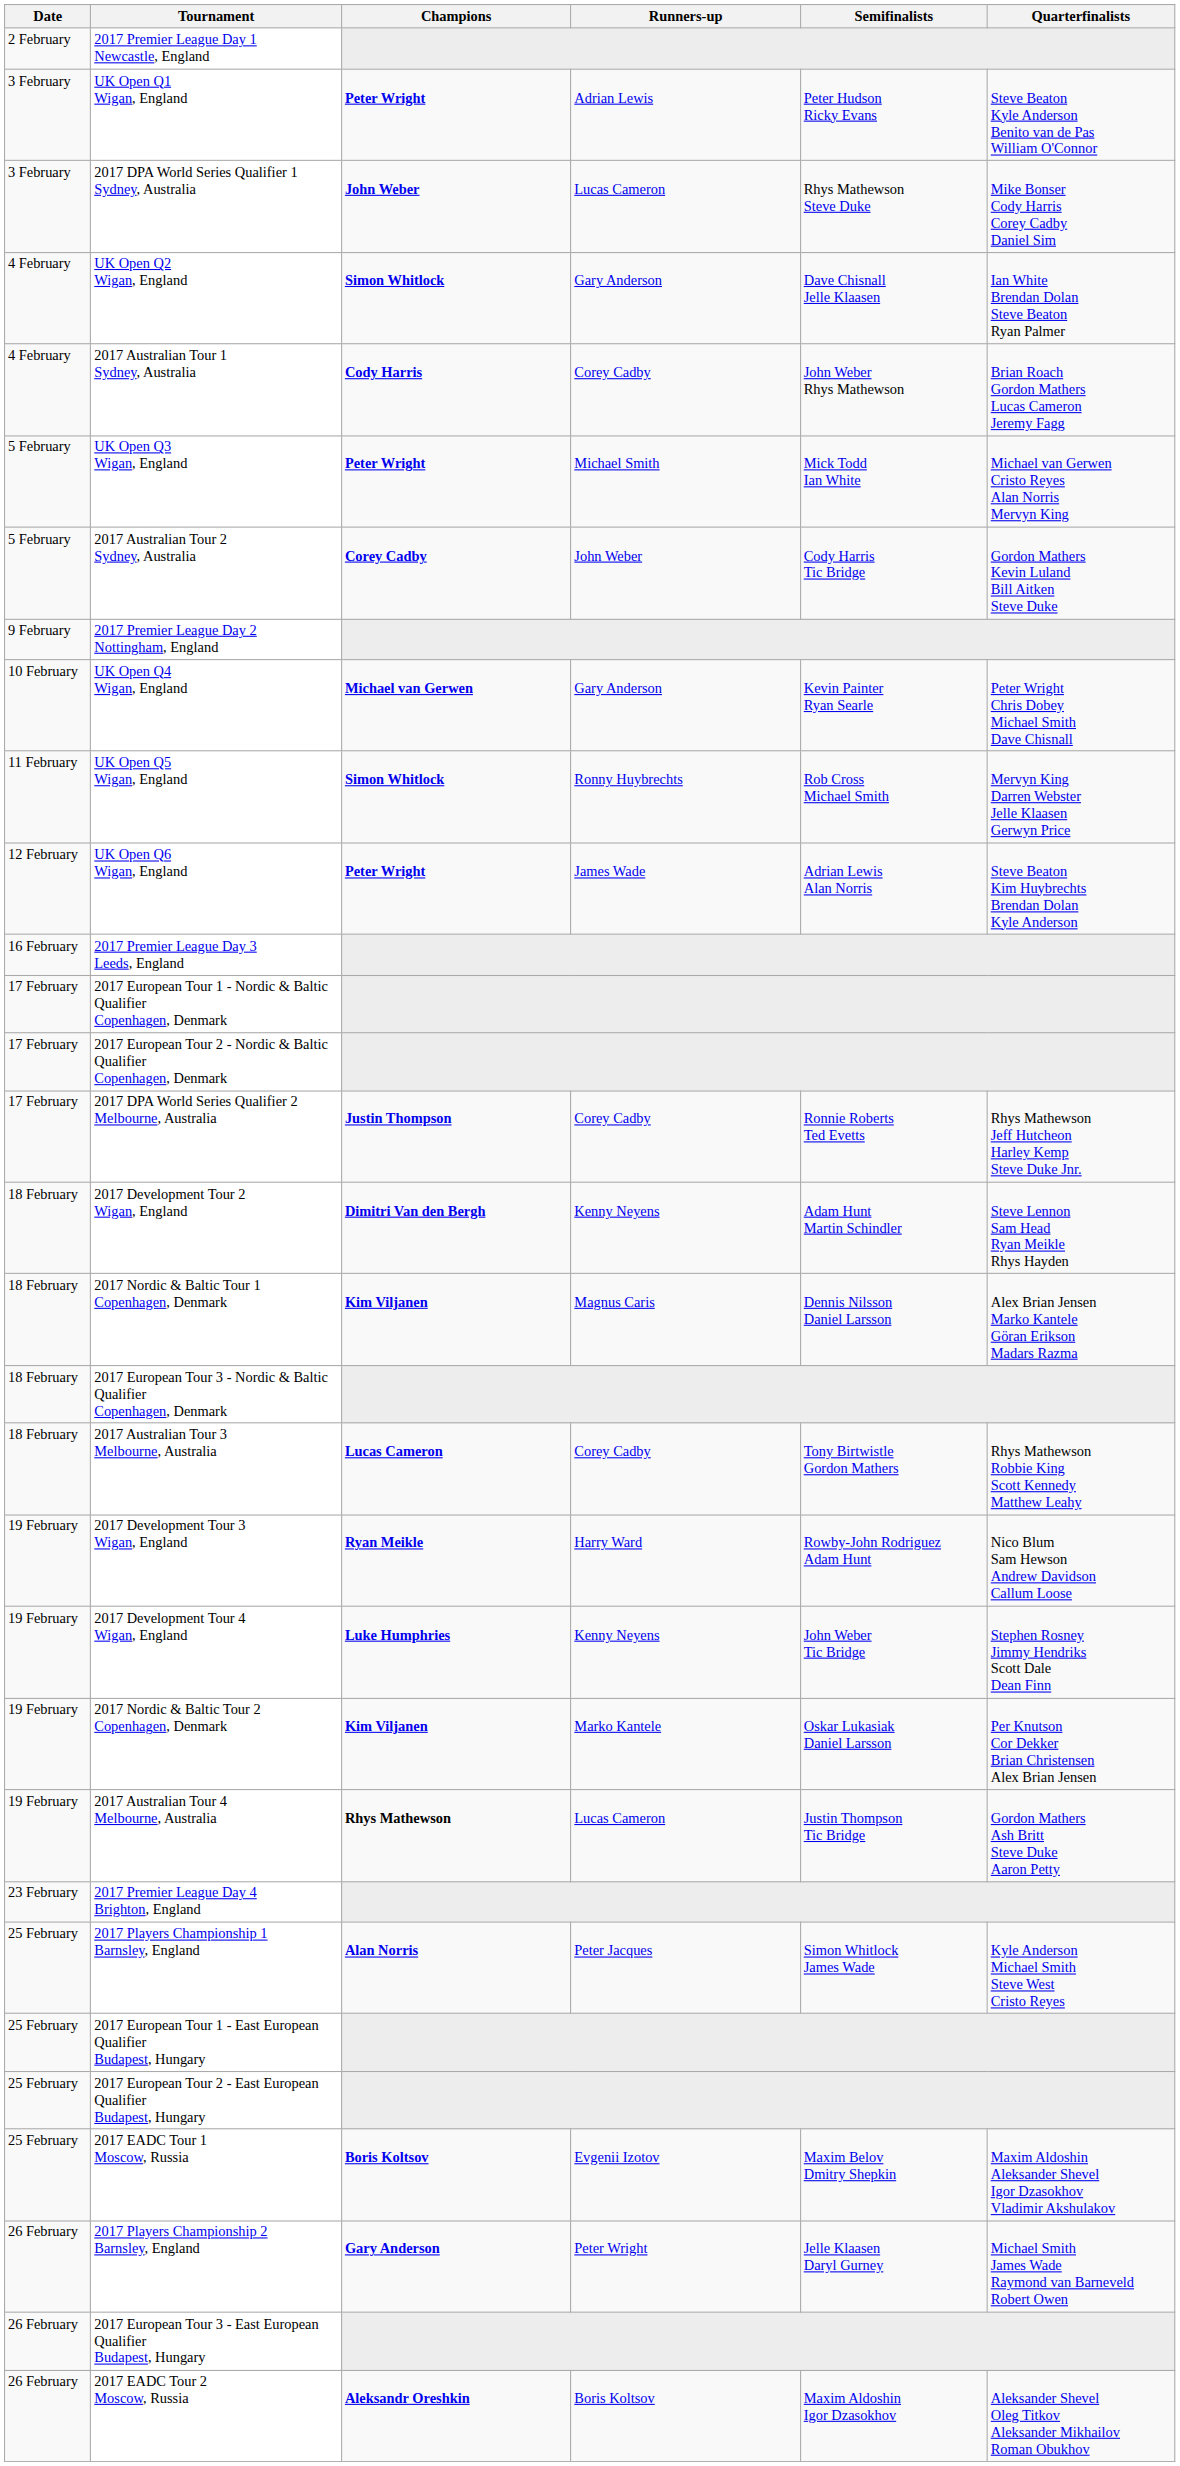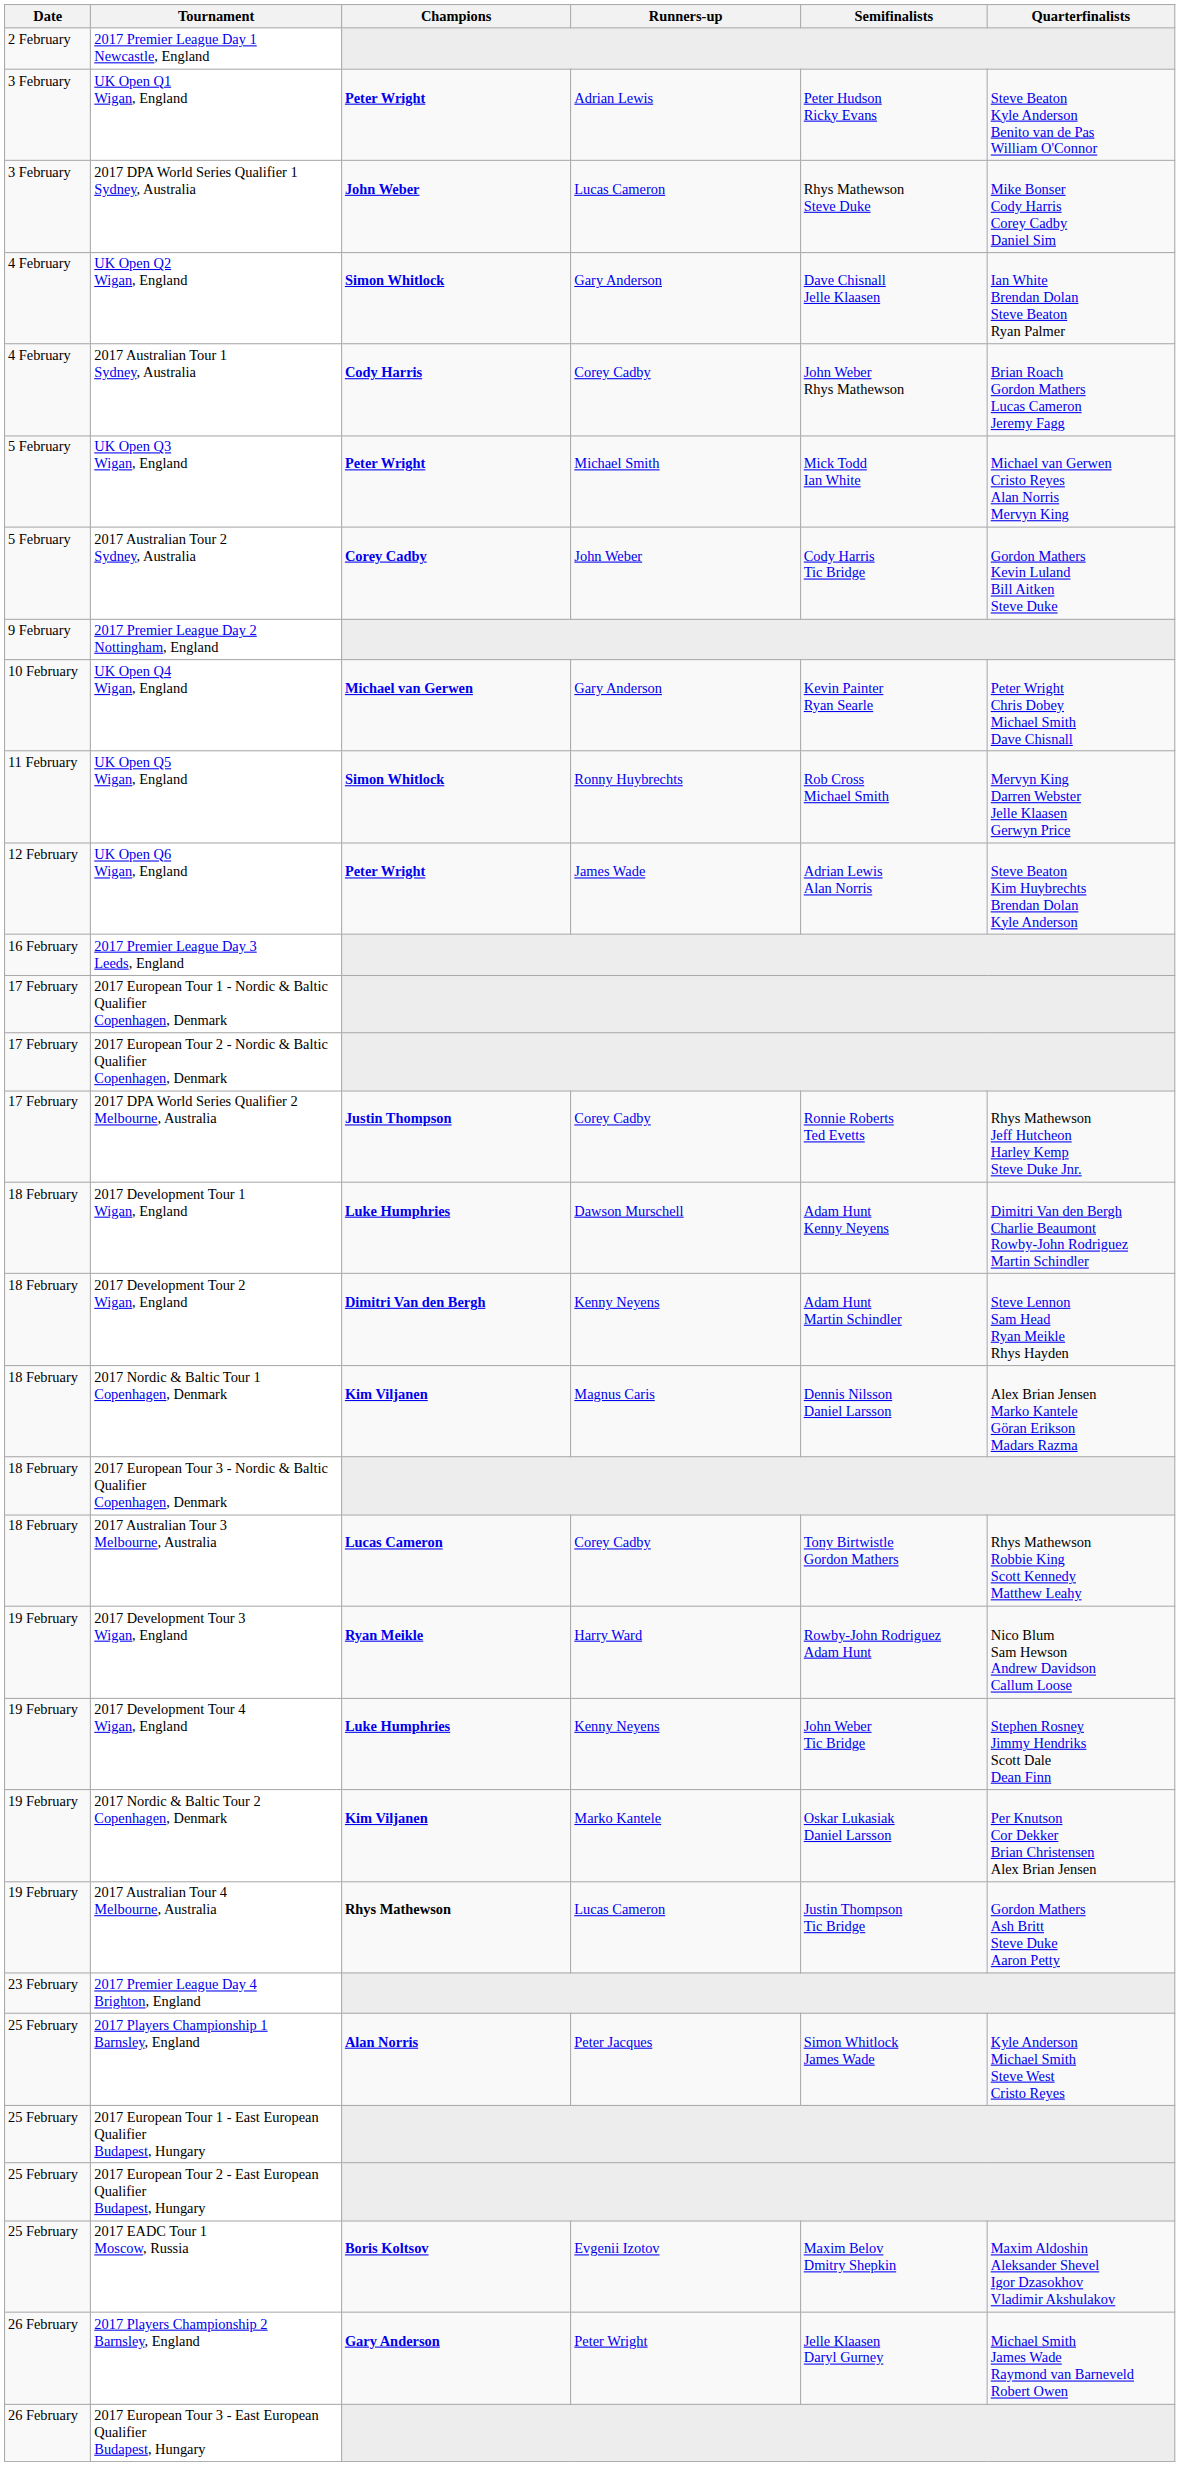 <table class=wikitable style=font-size:85%>
 <tr>
 <th width=75>Date</th>
 <th width=230>Tournament</th>
 <th width=210>Champions</th>
 <th width=210>Runners-up</th>
 <th width=170>Semifinalists</th>
 <th width=170>Quarterfinalists</th>
 </tr>
 <tr valign="top">
 <td>2 February</td>
 <td bgcolor="#ffffff"><a href='#'>2017 Premier League Day 1</a> <br> <a href='#'>Newcastle</a>, England</td>
 <td colspan=4 bgcolor="#ededed"></td>
 </tr>
 <tr valign="top">
 <td>3 February</td>
 <td bgcolor="#ffffff"><a href='#'>UK Open Q1</a><br><a href='#'>Wigan</a>, England</td>
 <td><br> <strong><a href='#'>Peter Wright</a></strong></td>
 <td><br> <a href='#'>Adrian Lewis</a></td>
 <td><br> <a href='#'>Peter Hudson</a> <br>  <a href='#'>Ricky Evans</a></td>
 <td><br> <a href='#'>Steve Beaton</a> <br>  <a href='#'>Kyle Anderson</a> <br>  <a href='#'>Benito van de Pas</a> <br>  <a href='#'>William O'Connor</a></td>
 </tr>
 <tr valign="top">
 <td>3 February</td>
 <td bgcolor="#ffffff">2017 DPA World Series Qualifier 1<br><a href='#'>Sydney</a>, Australia</td>
 <td><br> <strong><a href='#'>John Weber</a></strong></td>
 <td><br> <a href='#'>Lucas Cameron</a></td>
 <td><br> Rhys Mathewson <br>  <a href='#'>Steve Duke</a></td>
 <td><br> <a href='#'>Mike Bonser</a> <br>  <a href='#'>Cody Harris</a> <br>  <a href='#'>Corey Cadby</a> <br>  <a href='#'>Daniel Sim</a></td>
 </tr>
 <tr valign="top">
 <td>4 February</td>
 <td bgcolor="#ffffff"><a href='#'>UK Open Q2</a><br><a href='#'>Wigan</a>, England</td>
 <td><br> <strong><a href='#'>Simon Whitlock</a></strong></td>
 <td><br> <a href='#'>Gary Anderson</a></td>
 <td><br> <a href='#'>Dave Chisnall</a> <br>  <a href='#'>Jelle Klaasen</a></td>
 <td><br> <a href='#'>Ian White</a> <br>  <a href='#'>Brendan Dolan</a> <br>  <a href='#'>Steve Beaton</a> <br>  Ryan Palmer</td>
 </tr>
 <tr valign="top">
 <td>4 February</td>
 <td bgcolor="#ffffff">2017 Australian Tour 1<br><a href='#'>Sydney</a>, Australia</td>
 <td><br> <strong><a href='#'>Cody Harris</a></strong></td>
 <td><br> <a href='#'>Corey Cadby</a></td>
 <td><br> <a href='#'>John Weber</a> <br>  Rhys Mathewson</td>
 <td><br> <a href='#'>Brian Roach</a> <br>  <a href='#'>Gordon Mathers</a> <br>  <a href='#'>Lucas Cameron</a> <br>  <a href='#'>Jeremy Fagg</a></td>
 </tr>
 <tr valign="top">
 <td>5 February</td>
 <td bgcolor="#ffffff"><a href='#'>UK Open Q3</a><br><a href='#'>Wigan</a>, England</td>
 <td><br> <strong><a href='#'>Peter Wright</a></strong></td>
 <td><br> <a href='#'>Michael Smith</a></td>
 <td><br> <a href='#'>Mick Todd</a> <br>  <a href='#'>Ian White</a></td>
 <td><br> <a href='#'>Michael van Gerwen</a> <br>  <a href='#'>Cristo Reyes</a> <br>  <a href='#'>Alan Norris</a> <br>  <a href='#'>Mervyn King</a></td>
 </tr>
 <tr valign="top">
 <td>5 February</td>
 <td bgcolor="#ffffff">2017 Australian Tour 2<br><a href='#'>Sydney</a>, Australia</td>
 <td><br> <strong><a href='#'>Corey Cadby</a></strong></td>
 <td><br> <a href='#'>John Weber</a></td>
 <td><br> <a href='#'>Cody Harris</a> <br>  <a href='#'>Tic Bridge</a></td>
 <td><br> <a href='#'>Gordon Mathers</a> <br>  <a href='#'>Kevin Luland</a> <br>  <a href='#'>Bill Aitken</a> <br>  <a href='#'>Steve Duke</a></td>
 </tr>
 <tr valign="top">
 <td>9 February</td>
 <td bgcolor="#ffffff"><a href='#'>2017 Premier League Day 2</a> <br> <a href='#'>Nottingham</a>, England</td>
 <td colspan=4 bgcolor="#ededed"></td>
 </tr>
 <tr valign="top">
 <td>10 February</td>
 <td bgcolor="#ffffff"><a href='#'>UK Open Q4</a><br><a href='#'>Wigan</a>, England</td>
 <td><br> <strong><a href='#'>Michael van Gerwen</a></strong></td>
 <td><br> <a href='#'>Gary Anderson</a></td>
 <td><br> <a href='#'>Kevin Painter</a> <br>  <a href='#'>Ryan Searle</a></td>
 <td><br> <a href='#'>Peter Wright</a> <br>  <a href='#'>Chris Dobey</a> <br>  <a href='#'>Michael Smith</a> <br>  <a href='#'>Dave Chisnall</a></td>
 </tr>
 <tr valign="top">
 <td>11 February</td>
 <td bgcolor="#ffffff"><a href='#'>UK Open Q5</a><br><a href='#'>Wigan</a>, England</td>
 <td><br> <strong><a href='#'>Simon Whitlock</a></strong></td>
 <td><br> <a href='#'>Ronny Huybrechts</a></td>
 <td><br> <a href='#'>Rob Cross</a> <br>  <a href='#'>Michael Smith</a></td>
 <td><br> <a href='#'>Mervyn King</a> <br>  <a href='#'>Darren Webster</a> <br>  <a href='#'>Jelle Klaasen</a> <br>  <a href='#'>Gerwyn Price</a></td>
 </tr>
 <tr valign="top">
 <td>12 February</td>
 <td bgcolor="#ffffff"><a href='#'>UK Open Q6</a><br><a href='#'>Wigan</a>, England</td>
 <td><br> <strong><a href='#'>Peter Wright</a></strong></td>
 <td><br> <a href='#'>James Wade</a></td>
 <td><br> <a href='#'>Adrian Lewis</a> <br>  <a href='#'>Alan Norris</a></td>
 <td><br> <a href='#'>Steve Beaton</a> <br>  <a href='#'>Kim Huybrechts</a> <br>  <a href='#'>Brendan Dolan</a> <br>  <a href='#'>Kyle Anderson</a></td>
 </tr>
 <tr valign="top">
 <td>16 February</td>
 <td bgcolor="#ffffff"><a href='#'>2017 Premier League Day 3</a> <br> <a href='#'>Leeds</a>, England</td>
 <td colspan=4 bgcolor="#ededed"></td>
 </tr>
 <tr valign="top">
 <td>17 February</td>
 <td bgcolor="#ffffff">2017 European Tour 1 - Nordic & Baltic Qualifier <br> <a href='#'>Copenhagen</a>, Denmark</td>
 <td colspan=4 bgcolor="#ededed"></td>
 </tr>
 <tr valign="top">
 <td>17 February</td>
 <td bgcolor="#ffffff">2017 European Tour 2 - Nordic & Baltic Qualifier <br> <a href='#'>Copenhagen</a>, Denmark</td>
 <td colspan=4 bgcolor="#ededed"></td>
 </tr>
 <tr valign="top">
 <td>17 February</td>
 <td bgcolor="#ffffff">2017 DPA World Series Qualifier 2<br><a href='#'>Melbourne</a>, Australia</td>
 <td><br> <strong><a href='#'>Justin Thompson</a></strong></td>
 <td><br> <a href='#'>Corey Cadby</a></td>
 <td><br> <a href='#'>Ronnie Roberts</a> <br>  <a href='#'>Ted Evetts</a></td>
 <td><br> Rhys Mathewson <br>  <a href='#'>Jeff Hutcheon</a> <br>  <a href='#'>Harley Kemp</a> <br>  <a href='#'>Steve Duke Jnr.</a></td>
 </tr>
 <tr valign="top">
 <td>18 February</td>
+<td bgcolor="#ffffff">2017 Development Tour 1<br><a href='#'>Wigan</a>, England</td>
+<td><br> <strong><a href='#'>Luke Humphries</a></strong></td>
+<td><br> <a href='#'>Dawson Murschell</a></td>
+<td><br> <a href='#'>Adam Hunt</a> <br>  <a href='#'>Kenny Neyens</a></td>
+<td><br> <a href='#'>Dimitri Van den Bergh</a> <br>  <a href='#'>Charlie Beaumont</a> <br>  <a href='#'>Rowby-John Rodriguez</a> <br>  <a href='#'>Martin Schindler</a></td>
+</tr>
+<tr valign="top">
+<td>18 February</td>
 <td bgcolor="#ffffff">2017 Development Tour 2<br><a href='#'>Wigan</a>, England</td>
 <td><br> <strong><a href='#'>Dimitri Van den Bergh</a></strong></td>
 <td><br> <a href='#'>Kenny Neyens</a></td>
 <td><br> <a href='#'>Adam Hunt</a> <br>  <a href='#'>Martin Schindler</a></td>
 <td><br> <a href='#'>Steve Lennon</a> <br>  <a href='#'>Sam Head</a> <br>  <a href='#'>Ryan Meikle</a> <br>  Rhys Hayden</td>
 </tr>
 <tr valign="top">
 <td>18 February</td>
 <td bgcolor="#ffffff">2017 Nordic & Baltic Tour 1<br><a href='#'>Copenhagen</a>, Denmark</td>
 <td><br> <strong><a href='#'>Kim Viljanen</a></strong></td>
 <td><br> <a href='#'>Magnus Caris</a></td>
 <td><br> <a href='#'>Dennis Nilsson</a> <br>  <a href='#'>Daniel Larsson</a></td>
 <td><br> Alex Brian Jensen <br>  <a href='#'>Marko Kantele</a> <br>  <a href='#'>Göran Erikson</a> <br>  <a href='#'>Madars Razma</a></td>
 </tr>
 <tr valign="top">
 <td>18 February</td>
 <td bgcolor="#ffffff">2017 European Tour 3 - Nordic & Baltic Qualifier <br> <a href='#'>Copenhagen</a>, Denmark</td>
 <td colspan=4 bgcolor="#ededed"></td>
 </tr>
 <tr valign="top">
 <td>18 February</td>
 <td bgcolor="#ffffff">2017 Australian Tour 3<br><a href='#'>Melbourne</a>, Australia</td>
 <td><br> <strong><a href='#'>Lucas Cameron</a></strong></td>
 <td><br> <a href='#'>Corey Cadby</a></td>
 <td><br> <a href='#'>Tony Birtwistle</a> <br>  <a href='#'>Gordon Mathers</a></td>
 <td><br> Rhys Mathewson <br>  <a href='#'>Robbie King</a> <br>  <a href='#'>Scott Kennedy</a> <br>  <a href='#'>Matthew Leahy</a></td>
 </tr>
 <tr valign="top">
 <td>19 February</td>
 <td bgcolor="#ffffff">2017 Development Tour 3<br><a href='#'>Wigan</a>, England</td>
 <td><br> <strong><a href='#'>Ryan Meikle</a></strong></td>
 <td><br> <a href='#'>Harry Ward</a></td>
 <td><br> <a href='#'>Rowby-John Rodriguez</a> <br>  <a href='#'>Adam Hunt</a></td>
 <td><br> Nico Blum <br>  Sam Hewson <br>  <a href='#'>Andrew Davidson</a> <br>  <a href='#'>Callum Loose</a></td>
 </tr>
 <tr valign="top">
 <td>19 February</td>
 <td bgcolor="#ffffff">2017 Development Tour 4<br><a href='#'>Wigan</a>, England</td>
 <td><br> <strong><a href='#'>Luke Humphries</a></strong></td>
 <td><br> <a href='#'>Kenny Neyens</a></td>
 <td><br> <a href='#'>John Weber</a> <br>  <a href='#'>Tic Bridge</a></td>
 <td><br> <a href='#'>Stephen Rosney</a> <br>  <a href='#'>Jimmy Hendriks</a> <br>  Scott Dale <br>  <a href='#'>Dean Finn</a></td>
 </tr>
 <tr valign="top">
 <td>19 February</td>
 <td bgcolor="#ffffff">2017 Nordic & Baltic Tour 2<br><a href='#'>Copenhagen</a>, Denmark</td>
 <td><br> <strong><a href='#'>Kim Viljanen</a></strong></td>
 <td><br> <a href='#'>Marko Kantele</a></td>
 <td><br> <a href='#'>Oskar Lukasiak</a> <br>  <a href='#'>Daniel Larsson</a></td>
 <td><br> <a href='#'>Per Knutson</a> <br>  <a href='#'>Cor Dekker</a> <br>  <a href='#'>Brian Christensen</a> <br>  Alex Brian Jensen</td>
 </tr>
 <tr valign="top">
 <td>19 February</td>
 <td bgcolor="#ffffff">2017 Australian Tour 4<br><a href='#'>Melbourne</a>, Australia</td>
 <td><br> <strong>Rhys Mathewson</strong></td>
 <td><br> <a href='#'>Lucas Cameron</a></td>
 <td><br> <a href='#'>Justin Thompson</a> <br>  <a href='#'>Tic Bridge</a></td>
 <td><br> <a href='#'>Gordon Mathers</a> <br>  <a href='#'>Ash Britt</a> <br>  <a href='#'>Steve Duke</a> <br>  <a href='#'>Aaron Petty</a></td>
 </tr>
 <tr valign="top">
 <td>23 February</td>
 <td bgcolor="#ffffff"><a href='#'>2017 Premier League Day 4</a> <br> <a href='#'>Brighton</a>, England</td>
 <td colspan=4 bgcolor="#ededed"></td>
 </tr>
 <tr valign="top">
 <td>25 February</td>
 <td bgcolor="#ffffff"><a href='#'>2017 Players Championship 1</a><br><a href='#'>Barnsley</a>, England</td>
 <td><br> <strong><a href='#'>Alan Norris</a></strong></td>
 <td><br> <a href='#'>Peter Jacques</a></td>
 <td><br> <a href='#'>Simon Whitlock</a> <br>  <a href='#'>James Wade</a></td>
 <td><br> <a href='#'>Kyle Anderson</a> <br>  <a href='#'>Michael Smith</a> <br>  <a href='#'>Steve West</a> <br>  <a href='#'>Cristo Reyes</a></td>
 </tr>
 <tr valign="top">
 <td>25 February</td>
 <td bgcolor="#ffffff">2017 European Tour 1 - East European Qualifier <br> <a href='#'>Budapest</a>, Hungary</td>
 <td colspan=4 bgcolor="#ededed"></td>
 </tr>
 <tr valign="top">
 <td>25 February</td>
 <td bgcolor="#ffffff">2017 European Tour 2 - East European Qualifier <br> <a href='#'>Budapest</a>, Hungary</td>
 <td colspan=4 bgcolor="#ededed"></td>
 </tr>
 <tr valign="top">
 <td>25 February</td>
 <td bgcolor="#ffffff">2017 EADC Tour 1<br><a href='#'>Moscow</a>, Russia</td>
 <td><br> <strong><a href='#'>Boris Koltsov</a></strong></td>
 <td><br> <a href='#'>Evgenii Izotov</a></td>
 <td><br> <a href='#'>Maxim Belov</a> <br>  <a href='#'>Dmitry Shepkin</a></td>
 <td><br> <a href='#'>Maxim Aldoshin</a> <br>  <a href='#'>Aleksander Shevel</a> <br>  <a href='#'>Igor Dzasokhov</a> <br>  <a href='#'>Vladimir Akshulakov</a></td>
 </tr>
 <tr valign="top">
 <td>26 February</td>
 <td bgcolor="#ffffff"><a href='#'>2017 Players Championship 2</a><br><a href='#'>Barnsley</a>, England</td>
 <td><br> <strong><a href='#'>Gary Anderson</a></strong></td>
 <td><br> <a href='#'>Peter Wright</a></td>
 <td><br> <a href='#'>Jelle Klaasen</a> <br>  <a href='#'>Daryl Gurney</a></td>
 <td><br> <a href='#'>Michael Smith</a> <br>  <a href='#'>James Wade</a> <br>  <a href='#'>Raymond van Barneveld</a> <br>  <a href='#'>Robert Owen</a></td>
 </tr>
 <tr valign="top">
 <td>26 February</td>
 <td bgcolor="#ffffff">2017 European Tour 3 - East European Qualifier <br> <a href='#'>Budapest</a>, Hungary</td>
 <td colspan=4 bgcolor="#ededed"></td>
 </tr>
-<tr valign="top">
-<td>26 February</td>
-<td bgcolor="#ffffff">2017 EADC Tour 2<br><a href='#'>Moscow</a>, Russia</td>
-<td><br> <strong><a href='#'>Aleksandr Oreshkin</a></strong></td>
-<td><br> <a href='#'>Boris Koltsov</a></td>
-<td><br> <a href='#'>Maxim Aldoshin</a> <br>  <a href='#'>Igor Dzasokhov</a></td>
-<td><br> <a href='#'>Aleksander Shevel</a> <br>  <a href='#'>Oleg Titkov</a> <br>  <a href='#'>Aleksander Mikhailov</a> <br>  <a href='#'>Roman Obukhov</a></td>
-</tr>
 </table>
